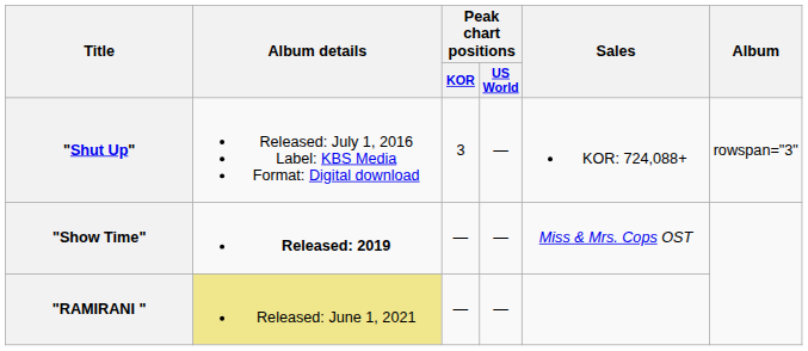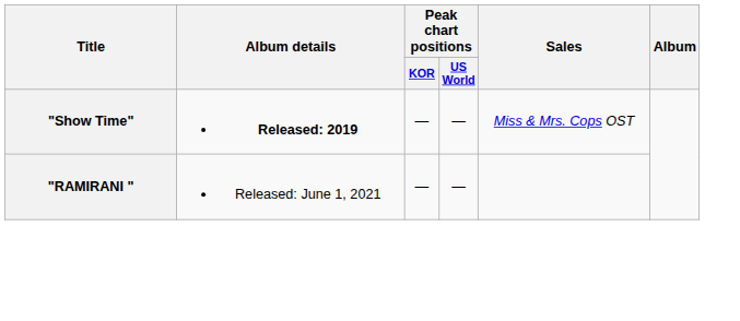 <table class="wikitable plainrowheaders" style="text-align:center">
 <tr>
 <th rowspan="2" style="width:12em">Title</th>
 <th rowspan="2" style="width:16em">Album details</th>
 <th colspan="2">Peak chart<br>positions</th>
 <th rowspan="2" style="width:12em">Sales</th>
 <th rowspan="2">Album</th>
 </tr>
 <tr>
 <th style="width:2.5em;font-size:85%"><a href='#'>KOR</a><br></th>
 <th style="width:2.5em;font-size:85%"><a href='#'>US<br>World</a><br></th>
 </tr>
 <tr>
-<th scope="row">"<a href='#'>Shut Up</a>"<br></th>
-<td><br><ul><li>Released: July 1, 2016</li><li>Label: <a href='#'>KBS Media</a></li><li>Format: <a href='#'>Digital download</a></li></ul></td>
-<td>3</td>
-<td>—</td>
-<td><br><ul><li>KOR: 724,088+</li></ul></td>
-<td>rowspan="3" </td>
-</tr>
-<tr>
 <th scope="row">"Show Time"<br></th>
 <td><strong><br><ul><li>Released: 2019</li></ul></strong></td>
 <td>—</td>
 <td>—</td>
 <td><em><a href='#'>Miss & Mrs. Cops</a> OST</em></td>
 </tr>
 <tr>
 <th scope="row">"RAMIRANI "<br></th>
-<td style="background: khaki;"><br><ul><li>Released: June 1, 2021</li></ul></td>
+<td><br><ul><li>Released: June 1, 2021</li></ul></td>
 <td>—</td>
 <td>—</td>
 <td></td>
 </tr>
 </table>
